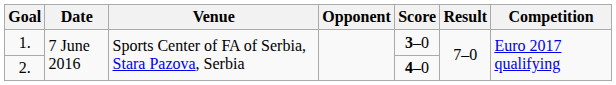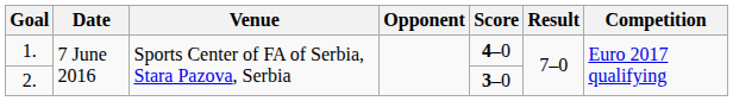 <table class="wikitable">
 <tr>
 <th>Goal</th>
 <th>Date</th>
 <th>Venue</th>
 <th>Opponent</th>
 <th>Score</th>
 <th>Result</th>
 <th>Competition</th>
 </tr>
 <tr>
 <td align="center">1.</td>
 <td rowspan="2">7 June 2016</td>
 <td rowspan="2">Sports Center of FA of Serbia, <a href='#'>Stara Pazova</a>, Serbia</td>
 <td rowspan="2"></td>
-<td align="center"><strong>3</strong>–0</td>
+<td align="center"><strong>4</strong>–0</td>
 <td align="center" rowspan="2">7–0</td>
 <td rowspan="2"><a href='#'>Euro 2017 qualifying</a></td>
 </tr>
 <tr>
 <td align="center">2.</td>
-<td align="center"><strong>4</strong>–0</td>
+<td align="center"><strong>3</strong>–0</td>
 </tr>
 <tr>
 </tr>
 </table>
